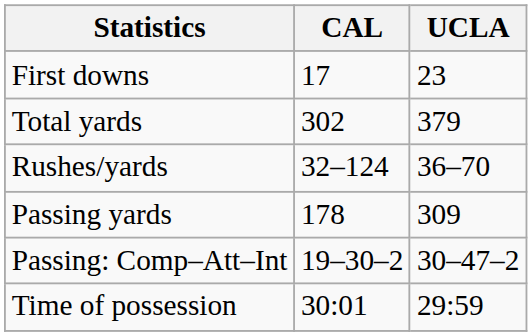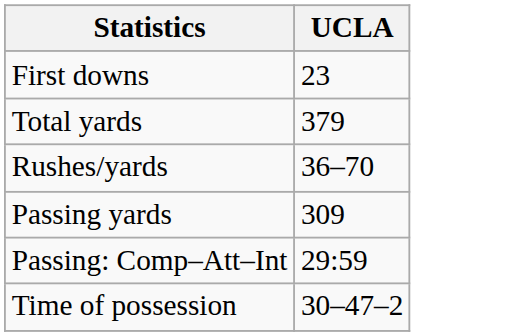 <table class="wikitable" style="float: left;">
 <tr>
 <th>Statistics</th>
-<th>CAL</th>
 <th>UCLA</th>
 </tr>
 <tr>
 <td>First downs</td>
-<td>17</td>
 <td>23</td>
 </tr>
 <tr>
 <td>Total yards</td>
-<td>302</td>
 <td>379</td>
 </tr>
 <tr>
 <td>Rushes/yards</td>
-<td>32–124</td>
 <td>36–70</td>
 </tr>
 <tr>
 <td>Passing yards</td>
-<td>178</td>
 <td>309</td>
 </tr>
 <tr>
 <td>Passing: Comp–Att–Int</td>
-<td>19–30–2</td>
-<td>30–47–2</td>
+<td>29:59</td>
 </tr>
 <tr>
 <td>Time of possession</td>
-<td>30:01</td>
-<td>29:59</td>
+<td>30–47–2</td>
 </tr>
 </table>
